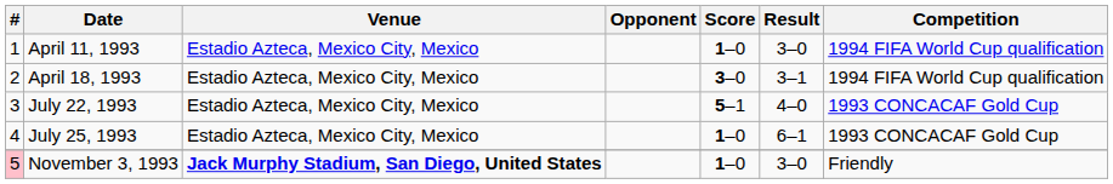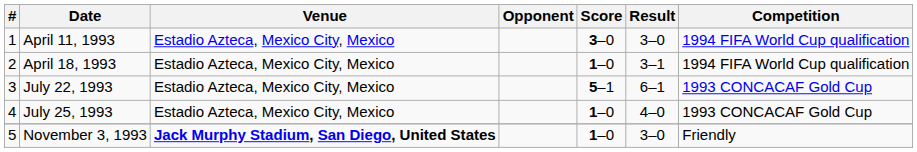 <table class="wikitable">
 <tr>
 <th>#</th>
 <th>Date</th>
 <th>Venue</th>
 <th>Opponent</th>
 <th>Score</th>
 <th>Result</th>
 <th>Competition</th>
 </tr>
 <tr>
 <td>1</td>
 <td>April 11, 1993</td>
 <td><a href='#'>Estadio Azteca</a>, <a href='#'>Mexico City</a>, <a href='#'>Mexico</a></td>
 <td></td>
-<td align=center><strong>1</strong>–0</td>
+<td align=center><strong>3</strong>–0</td>
 <td align=center>3–0</td>
 <td><a href='#'>1994 FIFA World Cup qualification</a></td>
 </tr>
 <tr>
 <td>2</td>
 <td>April 18, 1993</td>
 <td>Estadio Azteca, Mexico City, Mexico</td>
 <td></td>
-<td align=center><strong>3</strong>–0</td>
+<td align=center><strong>1</strong>–0</td>
 <td align=center>3–1</td>
 <td>1994 FIFA World Cup qualification</td>
 </tr>
 <tr>
 <td>3</td>
 <td>July 22, 1993</td>
 <td>Estadio Azteca, Mexico City, Mexico</td>
 <td></td>
 <td align=center><strong>5</strong>–1</td>
-<td align=center>4–0</td>
+<td align=center>6–1</td>
 <td><a href='#'>1993 CONCACAF Gold Cup</a></td>
 </tr>
 <tr>
 <td>4</td>
 <td>July 25, 1993</td>
 <td>Estadio Azteca, Mexico City, Mexico</td>
 <td></td>
 <td align=center><strong>1</strong>–0</td>
-<td align=center>6–1</td>
+<td align=center>4–0</td>
 <td>1993 CONCACAF Gold Cup</td>
 </tr>
 <tr>
 </tr>
 <tr>
-<td style="background: pink;">5</td>
+<td>5</td>
 <td>November 3, 1993</td>
 <td><strong><a href='#'>Jack Murphy Stadium</a>, <a href='#'>San Diego</a>, United States</strong></td>
 <td></td>
 <td align=center><strong>1</strong>–0</td>
 <td align=center>3–0</td>
 <td>Friendly</td>
 </tr>
 </table>
